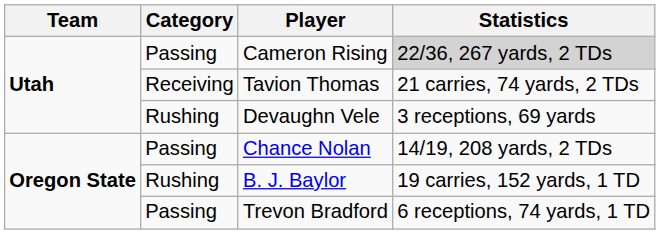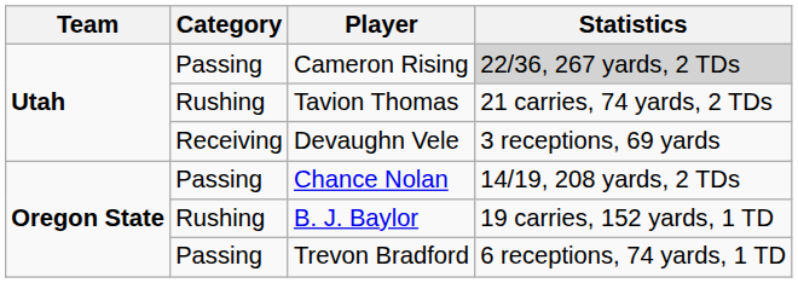 <table class="wikitable" style="float: left;">
 <tr>
 <th>Team</th>
 <th>Category</th>
 <th>Player</th>
 <th>Statistics</th>
 </tr>
 <tr>
 <td rowspan=3><strong>Utah</strong></td>
 <td>Passing</td>
 <td>Cameron Rising</td>
 <td style="background: lightgrey;">22/36, 267 yards, 2 TDs</td>
 </tr>
 <tr>
-<td>Receiving</td>
+<td>Rushing</td>
 <td>Tavion Thomas</td>
 <td>21 carries, 74 yards, 2 TDs</td>
 </tr>
 <tr>
-<td>Rushing</td>
+<td>Receiving</td>
 <td>Devaughn Vele</td>
 <td>3 receptions, 69 yards</td>
 </tr>
 <tr>
 <td rowspan=3><strong>Oregon State</strong></td>
 <td>Passing</td>
 <td><a href='#'>Chance Nolan</a></td>
 <td>14/19, 208 yards, 2 TDs</td>
 </tr>
 <tr>
 <td>Rushing</td>
 <td><a href='#'>B. J. Baylor</a></td>
 <td>19 carries, 152 yards, 1 TD</td>
 </tr>
 <tr>
 <td>Passing</td>
 <td>Trevon Bradford</td>
 <td>6 receptions, 74 yards, 1 TD</td>
 </tr>
 </table>
